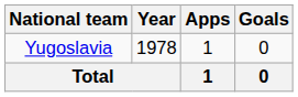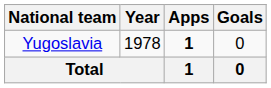 <table class="wikitable" style="text-align:center">
 <tr>
 <th>National team</th>
 <th>Year</th>
 <th>Apps</th>
 <th>Goals</th>
 </tr>
 <tr>
 <td><a href='#'>Yugoslavia</a></td>
 <td>1978</td>
-<td>1</td>
+<td><strong>1</strong></td>
 <td>0</td>
 </tr>
 <tr>
 <th colspan="2">Total</th>
 <th>1</th>
 <th>0</th>
 </tr>
 </table>
